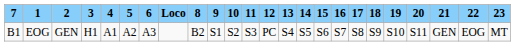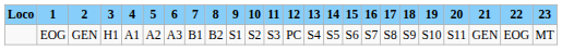 <table class="wikitable plainrowheaders unsortable" style="text-align:center">
 <tr>
-<th scope="col" style="background:lightskyblue;">7</th>
+<th scope="col" style="background:lightskyblue;">Loco</th>
 <th scope="col" style="background:lightskyblue;">1</th>
 <th scope="col" style="background:lightskyblue;">2</th>
 <th scope="col" style="background:lightskyblue;">3</th>
 <th scope="col" style="background:lightskyblue;">4</th>
 <th scope="col" style="background:lightskyblue;">5</th>
 <th scope="col" style="background:lightskyblue;">6</th>
-<th scope="col" style="background:lightskyblue;">Loco</th>
+<th scope="col" style="background:lightskyblue;">7</th>
 <th scope="col" style="background:lightskyblue;">8</th>
 <th scope="col" style="background:lightskyblue;">9</th>
 <th scope="col" style="background:lightskyblue;">10</th>
 <th scope="col" style="background:lightskyblue;">11</th>
 <th scope="col" style="background:lightskyblue;">12</th>
 <th scope="col" style="background:lightskyblue;">13</th>
 <th scope="col" style="background:lightskyblue;">14</th>
 <th scope="col" style="background:lightskyblue;">15</th>
 <th scope="col" style="background:lightskyblue;">16</th>
 <th scope="col" style="background:lightskyblue;">17</th>
 <th scope="col" style="background:lightskyblue;">18</th>
 <th scope="col" style="background:lightskyblue;">19</th>
 <th scope="col" style="background:lightskyblue;">20</th>
 <th scope="col" style="background:lightskyblue;">21</th>
 <th scope="col" style="background:lightskyblue;">22</th>
 <th scope="col" style="background:lightskyblue;">23</th>
 </tr>
 <tr>
-<td>B1</td>
+<td></td>
 <td>EOG</td>
 <td>GEN</td>
 <td>H1</td>
 <td>A1</td>
 <td>A2</td>
 <td>A3</td>
-<td></td>
+<td>B1</td>
 <td>B2</td>
 <td>S1</td>
 <td>S2</td>
 <td>S3</td>
 <td>PC</td>
 <td>S4</td>
 <td>S5</td>
 <td>S6</td>
 <td>S7</td>
 <td>S8</td>
 <td>S9</td>
 <td>S10</td>
 <td>S11</td>
 <td>GEN</td>
 <td>EOG</td>
 <td MT>MT</td>
 </tr>
 </table>
